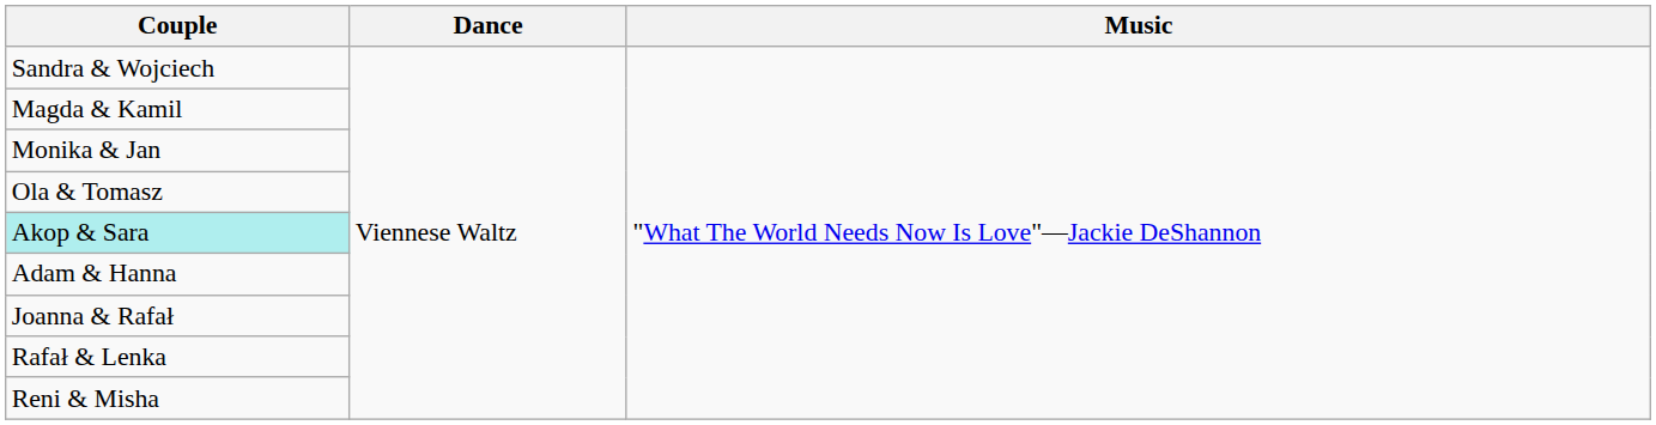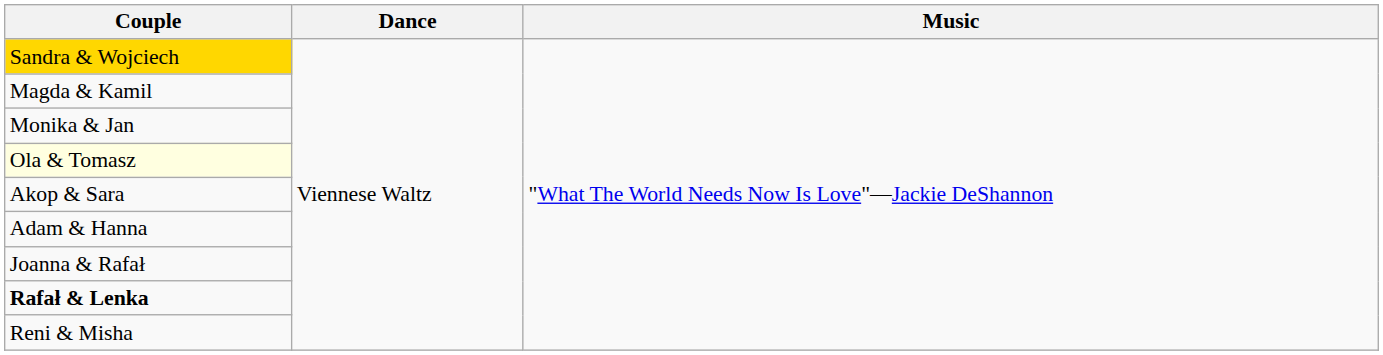 <table class="wikitable" style="width:80%;">
 <tr>
 <th>Couple</th>
 <th>Dance</th>
 <th>Music</th>
 </tr>
 <tr>
-<td>Sandra & Wojciech</td>
+<td style="background: gold;">Sandra & Wojciech</td>
 <td rowspan="9">Viennese Waltz</td>
 <td rowspan="9">"<a href='#'>What The World Needs Now Is Love</a>"—<a href='#'>Jackie DeShannon</a></td>
 </tr>
 <tr>
 <td>Magda & Kamil</td>
 </tr>
 <tr>
 <td>Monika & Jan</td>
 </tr>
 <tr>
-<td>Ola & Tomasz</td>
+<td style="background: lightyellow;">Ola & Tomasz</td>
 </tr>
 <tr>
-<td style="background: paleturquoise;">Akop & Sara</td>
+<td>Akop & Sara</td>
 </tr>
 <tr>
 <td>Adam & Hanna</td>
 </tr>
 <tr>
 <td>Joanna & Rafał</td>
 </tr>
 <tr>
-<td>Rafał & Lenka</td>
+<td><strong>Rafał & Lenka</strong></td>
 </tr>
 <tr>
 <td>Reni & Misha</td>
 </tr>
 </table>
